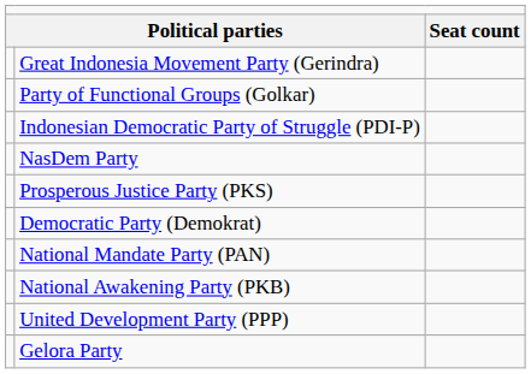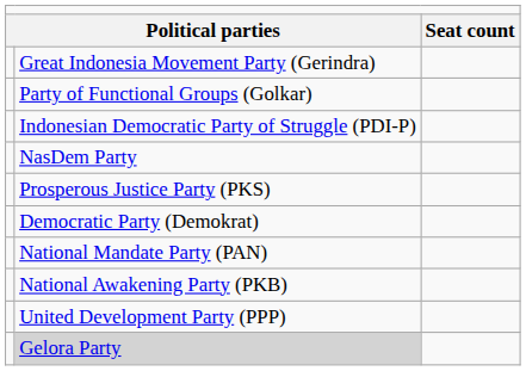 <table class="wikitable">
 <tr>
 <td colspan="4"></td>
 </tr>
 <tr>
 <th colspan="2">Political parties</th>
 <th>Seat count</th>
 </tr>
 <tr>
 <td bgcolor=></td>
 <td><a href='#'>Great Indonesia Movement Party</a> (Gerindra)</td>
 <td></td>
 </tr>
 <tr>
 <td bgcolor=></td>
 <td><a href='#'>Party of Functional Groups</a> (Golkar)</td>
 <td></td>
 </tr>
 <tr>
 <td bgcolor=></td>
 <td><a href='#'>Indonesian Democratic Party of Struggle</a> (PDI-P)</td>
 <td></td>
 </tr>
 <tr>
 <td bgcolor=></td>
 <td><a href='#'>NasDem Party</a></td>
 <td></td>
 </tr>
 <tr>
 <td bgcolor=></td>
 <td><a href='#'>Prosperous Justice Party</a> (PKS)</td>
 <td></td>
 </tr>
 <tr>
 <td bgcolor=></td>
 <td><a href='#'>Democratic Party</a> (Demokrat)</td>
 <td></td>
 </tr>
 <tr>
 <td bgcolor=></td>
 <td><a href='#'>National Mandate Party</a> (PAN)</td>
 <td></td>
 </tr>
 <tr>
 <td bgcolor=></td>
 <td><a href='#'>National Awakening Party</a> (PKB)</td>
 <td></td>
 </tr>
 <tr>
 <td bgcolor=></td>
 <td><a href='#'>United Development Party</a> (PPP)</td>
 <td></td>
 </tr>
 <tr>
 <td bgcolor=></td>
-<td><a href='#'>Gelora Party</a></td>
+<td style="background: lightgrey;"><a href='#'>Gelora Party</a></td>
 <td></td>
 </tr>
 </table>
